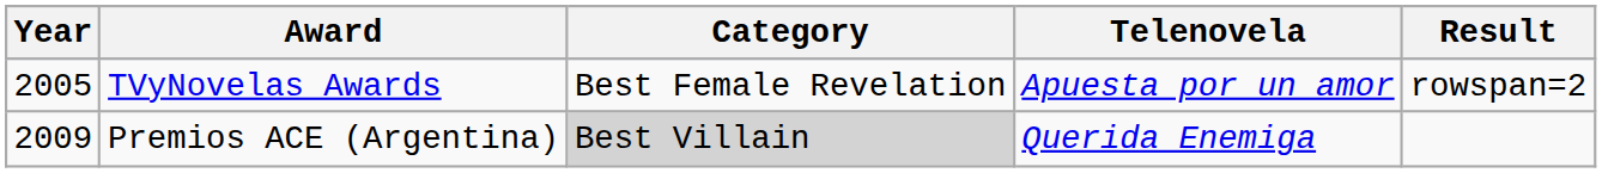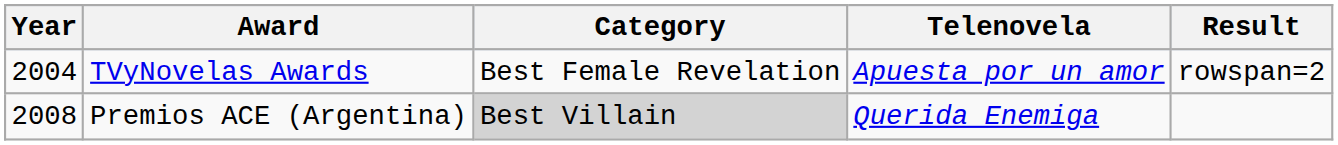 <table class="wikitable">
 <tr style="background:#b0c4de;">
 <th>Year</th>
 <th>Award</th>
 <th>Category</th>
 <th>Telenovela</th>
 <th>Result</th>
 </tr>
 <tr>
-<td>2005</td>
+<td>2004</td>
 <td><a href='#'>TVyNovelas Awards</a></td>
 <td>Best Female Revelation</td>
 <td><em><a href='#'>Apuesta por un amor</a></em></td>
 <td>rowspan=2 </td>
 </tr>
 <tr>
-<td>2009</td>
+<td>2008</td>
 <td>Premios ACE (Argentina)</td>
 <td style="background: lightgrey;">Best Villain</td>
 <td><em><a href='#'>Querida Enemiga</a></em></td>
 </tr>
 </table>
